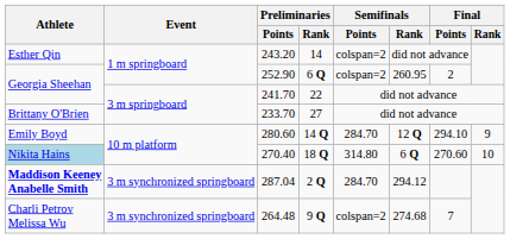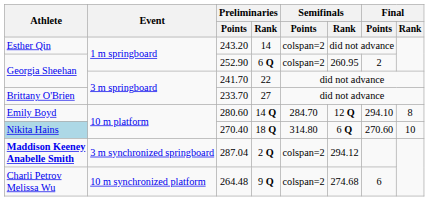 <table class="wikitable" style="text-align:center; font-size:90%">
 <tr>
 <th rowspan=2>Athlete</th>
 <th rowspan=2>Event</th>
 <th colspan=2>Preliminaries</th>
 <th colspan=2>Semifinals</th>
 <th colspan=2>Final</th>
 </tr>
 <tr style="font-size:95%">
 <th>Points</th>
 <th>Rank</th>
 <th>Points</th>
 <th>Rank</th>
 <th>Points</th>
 <th>Rank</th>
 </tr>
 <tr>
 <td align=left><a href='#'>Esther Qin</a></td>
 <td align=left rowspan=2><a href='#'>1 m springboard</a></td>
 <td>243.20</td>
 <td>14</td>
 <td>colspan=2 </td>
 <td colspan=2>did not advance</td>
 </tr>
 <tr>
 <td align=left rowspan=2><a href='#'>Georgia Sheehan</a></td>
 <td>252.90</td>
 <td>6 <strong>Q</strong></td>
 <td>colspan=2 </td>
 <td>260.95</td>
 <td>2</td>
 </tr>
 <tr>
 <td align=left rowspan=2><a href='#'>3 m springboard</a></td>
 <td>241.70</td>
 <td>22</td>
 <td colspan=4>did not advance</td>
 </tr>
 <tr>
 <td align=left><a href='#'>Brittany O'Brien</a></td>
 <td>233.70</td>
 <td>27</td>
 <td colspan=4>did not advance</td>
 </tr>
 <tr>
 <td align=left><a href='#'>Emily Boyd</a></td>
 <td align=left rowspan=2><a href='#'>10 m platform</a></td>
 <td>280.60</td>
 <td>14 <strong>Q</strong></td>
 <td>284.70</td>
 <td>12 <strong>Q</strong></td>
 <td>294.10</td>
-<td>9</td>
+<td>8</td>
 </tr>
 <tr>
 <td align=left style="background: lightblue;"><a href='#'>Nikita Hains</a></td>
 <td>270.40</td>
 <td>18 <strong>Q</strong></td>
 <td>314.80</td>
 <td>6 <strong>Q</strong></td>
 <td>270.60</td>
 <td>10</td>
 </tr>
 <tr>
 <td align=left><strong><a href='#'>Maddison Keeney</a><br><a href='#'>Anabelle Smith</a></strong></td>
 <td align=left><a href='#'>3 m synchronized springboard</a></td>
 <td>287.04</td>
 <td>2 <strong>Q</strong></td>
-<td>284.70</td>
+<td>colspan=2 </td>
 <td>294.12</td>
 <td></td>
 </tr>
 <tr>
 <td align=left><a href='#'>Charli Petrov</a><br><a href='#'>Melissa Wu</a></td>
-<td align=left><a href='#'>3 m synchronized springboard</a></td>
+<td align=left><a href='#'>10 m synchronized platform</a></td>
 <td>264.48</td>
 <td>9 <strong>Q</strong></td>
 <td>colspan=2 </td>
 <td>274.68</td>
-<td>7</td>
+<td>6</td>
 </tr>
 </table>
